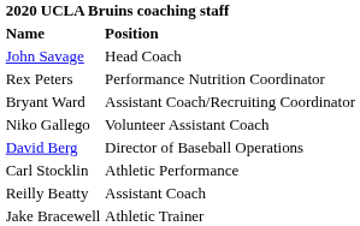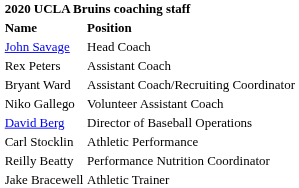 <table class="toccolours" style="text-align: left; font-size:90%;">
 <tr>
 <th colspan="9">2020 UCLA Bruins coaching staff</th>
 </tr>
 <tr>
 <th>Name</th>
 <th>Position</th>
 </tr>
 <tr>
 <td><a href='#'>John Savage</a></td>
 <td>Head Coach</td>
 </tr>
 <tr>
 <td>Rex Peters</td>
-<td>Performance Nutrition Coordinator</td>
+<td>Assistant Coach</td>
 </tr>
 <tr>
 <td>Bryant Ward</td>
 <td>Assistant Coach/Recruiting Coordinator</td>
 </tr>
 <tr>
 <td>Niko Gallego</td>
 <td>Volunteer Assistant Coach</td>
 </tr>
 <tr>
 <td><a href='#'>David Berg</a></td>
 <td>Director of Baseball Operations</td>
 </tr>
 <tr>
 <td>Carl Stocklin</td>
 <td>Athletic Performance</td>
 </tr>
 <tr>
 <td>Reilly Beatty</td>
-<td>Assistant Coach</td>
+<td>Performance Nutrition Coordinator</td>
 </tr>
 <tr>
 <td>Jake Bracewell</td>
 <td>Athletic Trainer</td>
 </tr>
 </table>
